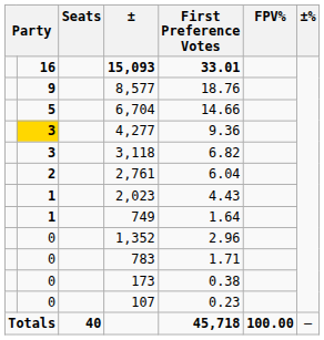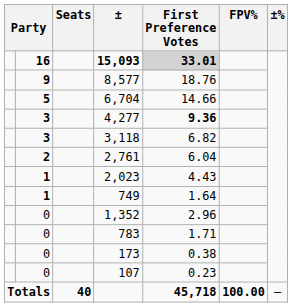 <table class=wikitable>
 <tr>
 <th colspan=2 align=center>Party</th>
 <th valign=top>Seats</th>
 <th valign=top>±</th>
 <th valign=top>First<br>Preference<br>Votes</th>
 <th valign=top>FPV%</th>
 <th valign=top>±%</th>
 </tr>
 <tr>
 <td></td>
 <td align=right><strong>16</strong></td>
 <td align=right></td>
 <td align=right><strong>15,093</strong></td>
-<td align=right><strong>33.01</strong></td>
+<td align=right style="background: lightgrey;"><strong>33.01</strong></td>
 <td align=right></td>
 </tr>
 <tr>
 <td></td>
 <td align=right><strong>9</strong></td>
 <td align=right></td>
 <td align=right>8,577</td>
 <td align=right>18.76</td>
 <td align=right></td>
 </tr>
 <tr>
 <td></td>
 <td align=right><strong>5</strong></td>
 <td align=right></td>
 <td align=right>6,704</td>
 <td align=right>14.66</td>
 <td align=right></td>
 </tr>
 <tr>
 <td></td>
-<td align=right style="background: gold;"><strong>3</strong></td>
+<td align=right><strong>3</strong></td>
 <td align=right></td>
 <td align=right>4,277</td>
-<td align=right>9.36</td>
+<td align=right><strong>9.36</strong></td>
 <td align=right></td>
 </tr>
 <tr>
 <td></td>
 <td align=right><strong>3</strong></td>
 <td align=right></td>
 <td align=right>3,118</td>
 <td align=right>6.82</td>
 <td align=right></td>
 </tr>
 <tr>
 <td></td>
 <td align=right><strong>2</strong></td>
 <td align=right></td>
 <td align=right>2,761</td>
 <td align=right>6.04</td>
 <td align=right></td>
 </tr>
 <tr>
 <td></td>
 <td align=right><strong>1</strong></td>
 <td align=right></td>
 <td align=right>2,023</td>
 <td align=right>4.43</td>
 <td align=right></td>
 </tr>
 <tr>
 <td></td>
 <td align=right><strong>1</strong></td>
 <td align=right></td>
 <td align=right>749</td>
 <td align=right>1.64</td>
 <td align=right></td>
 </tr>
 <tr>
 <td></td>
 <td align=right>0</td>
 <td align=right></td>
 <td align=right>1,352</td>
 <td align=right>2.96</td>
 <td align=right></td>
 </tr>
 <tr>
 <td></td>
 <td align=right>0</td>
 <td align=right></td>
 <td align=right>783</td>
 <td align=right>1.71</td>
 <td align=right></td>
 </tr>
 <tr>
 <td></td>
 <td align=right>0</td>
 <td align=right></td>
 <td align=right>173</td>
 <td align=right>0.38</td>
 <td align=right></td>
 </tr>
 <tr>
 <td></td>
 <td align=right>0</td>
 <td align=right></td>
 <td align=right>107</td>
 <td align=right>0.23</td>
 <td align=right></td>
 </tr>
 <tr>
 <td colspan=2 align=center><strong>Totals</strong></td>
 <td align=right><strong>40</strong></td>
 <td align=center></td>
 <td align=right><strong>45,718</strong></td>
 <td align=center><strong>100.00</strong></td>
 <td align=center>—</td>
 </tr>
 </table>
